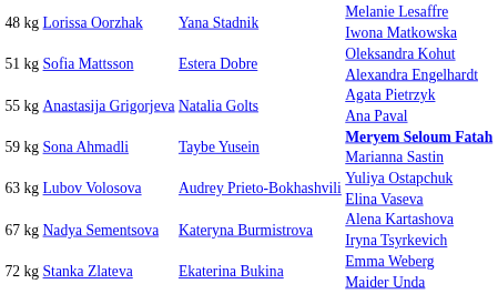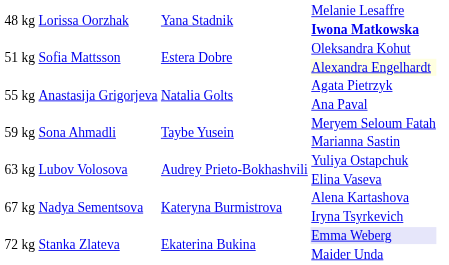 <table>
 <tr>
 <td rowspan=2>48 kg</td>
 <td rowspan=2> <a href='#'>Lorissa Oorzhak</a></td>
 <td rowspan=2> <a href='#'>Yana Stadnik</a></td>
 <td> <a href='#'>Melanie Lesaffre</a></td>
 </tr>
 <tr>
-<td> <a href='#'>Iwona Matkowska</a></td>
+<td><strong> <a href='#'>Iwona Matkowska</a></strong></td>
 </tr>
 <tr>
 <td rowspan=2>51 kg</td>
 <td rowspan=2> <a href='#'>Sofia Mattsson</a></td>
 <td rowspan=2> <a href='#'>Estera Dobre</a></td>
 <td> <a href='#'>Oleksandra Kohut</a></td>
 </tr>
 <tr>
-<td> <a href='#'>Alexandra Engelhardt</a></td>
+<td style="background: lightyellow;"> <a href='#'>Alexandra Engelhardt</a></td>
 </tr>
 <tr>
 <td rowspan=2>55 kg</td>
 <td rowspan=2> <a href='#'>Anastasija Grigorjeva</a></td>
 <td rowspan=2> <a href='#'>Natalia Golts</a></td>
 <td> <a href='#'>Agata Pietrzyk</a></td>
 </tr>
 <tr>
 <td> <a href='#'>Ana Paval</a></td>
 </tr>
 <tr>
 <td rowspan=2>59 kg</td>
 <td rowspan=2> <a href='#'>Sona Ahmadli</a></td>
 <td rowspan=2> <a href='#'>Taybe Yusein</a></td>
-<td><strong> <a href='#'>Meryem Seloum Fatah</a></strong></td>
+<td> <a href='#'>Meryem Seloum Fatah</a></td>
 </tr>
 <tr>
 <td> <a href='#'>Marianna Sastin</a></td>
 </tr>
 <tr>
 <td rowspan=2>63 kg</td>
 <td rowspan=2> <a href='#'>Lubov Volosova</a></td>
 <td rowspan=2> <a href='#'>Audrey Prieto-Bokhashvili</a></td>
 <td> <a href='#'>Yuliya Ostapchuk</a></td>
 </tr>
 <tr>
 <td> <a href='#'>Elina Vaseva</a></td>
 </tr>
 <tr>
 <td rowspan=2>67 kg</td>
 <td rowspan=2> <a href='#'>Nadya Sementsova</a></td>
 <td rowspan=2> <a href='#'>Kateryna Burmistrova</a></td>
 <td> <a href='#'>Alena Kartashova</a></td>
 </tr>
 <tr>
 <td> <a href='#'>Iryna Tsyrkevich</a></td>
 </tr>
 <tr>
 <td rowspan=2>72 kg</td>
 <td rowspan=2> <a href='#'>Stanka Zlateva</a></td>
 <td rowspan=2> <a href='#'>Ekaterina Bukina</a></td>
-<td> <a href='#'>Emma Weberg</a></td>
+<td style="background: lavender;"> <a href='#'>Emma Weberg</a></td>
 </tr>
 <tr>
 <td> <a href='#'>Maider Unda</a></td>
 </tr>
 </table>
